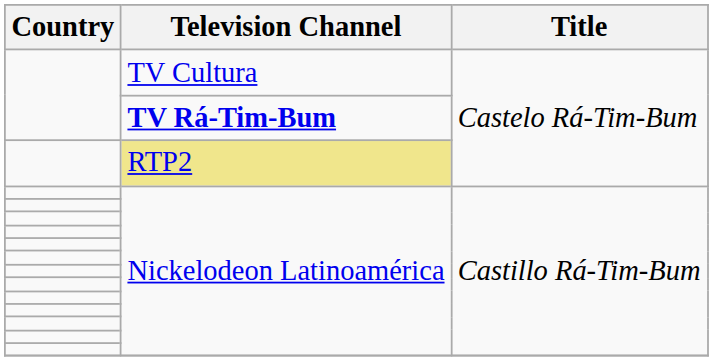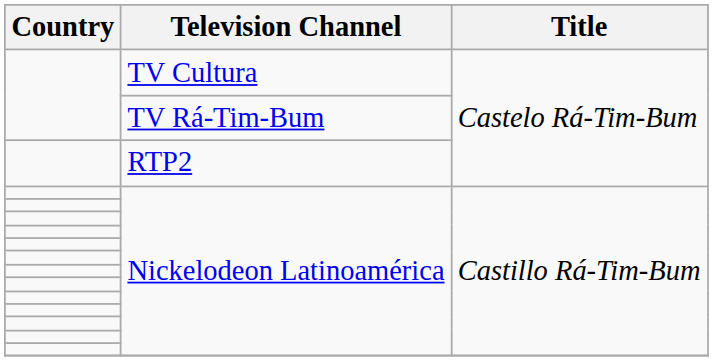 <table class="wikitable">
 <tr>
 <th>Country</th>
 <th>Television Channel</th>
 <th>Title</th>
 </tr>
 <tr>
 <td rowspan="2"></td>
 <td><a href='#'>TV Cultura</a></td>
 <td rowspan="3"><em>Castelo Rá-Tim-Bum</em></td>
 </tr>
 <tr>
-<td><strong><a href='#'>TV Rá-Tim-Bum</a></strong></td>
+<td><a href='#'>TV Rá-Tim-Bum</a></td>
 </tr>
 <tr>
 <td></td>
-<td style="background: khaki;"><a href='#'>RTP2</a></td>
+<td><a href='#'>RTP2</a></td>
 </tr>
 <tr>
 <td></td>
 <td rowspan="13"><a href='#'>Nickelodeon Latinoamérica</a></td>
 <td rowspan="13"><em>Castillo Rá-Tim-Bum</em></td>
 </tr>
 <tr>
 <td></td>
 </tr>
 <tr>
 <td></td>
 </tr>
 <tr>
 <td></td>
 </tr>
 <tr>
 <td></td>
 </tr>
 <tr>
 <td></td>
 </tr>
 <tr>
 <td></td>
 </tr>
 <tr>
 <td></td>
 </tr>
 <tr>
 <td></td>
 </tr>
 <tr>
 <td></td>
 </tr>
 <tr>
 <td></td>
 </tr>
 <tr>
 <td></td>
 </tr>
 <tr>
 <td></td>
 </tr>
 <tr>
 </tr>
 </table>
